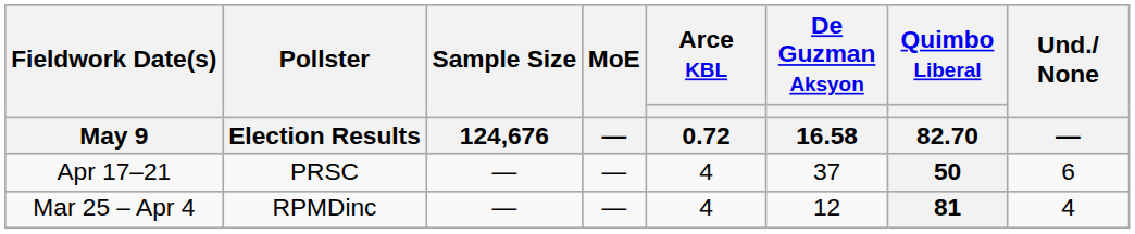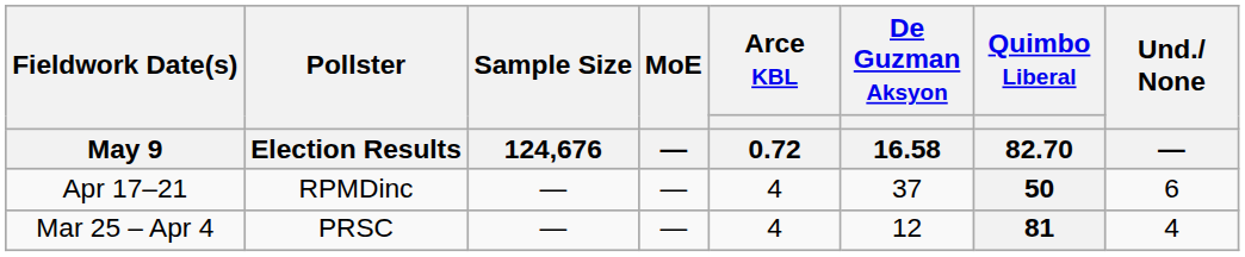 <table class="wikitable" style="text-align:center;font-size:85%;line-height:14px">
 <tr style="line-height:1.2">
 <th rowspan="2">Fieldwork Date(s)</th>
 <th rowspan="2">Pollster</th>
 <th rowspan="2">Sample Size</th>
 <th rowspan="2">MoE</th>
 <th style="width:60px;">Arce<br><small><a href='#'>KBL</a></small></th>
 <th style="width:60px;"><a href='#'>De Guzman</a><br><small><a href='#'>Aksyon</a></small></th>
 <th style="width:60px;"><a href='#'>Quimbo</a><br><a href='#'><small>Liberal</small></a></th>
 <th rowspan="2" style="width:60px;">Und./<br>None</th>
 </tr>
 <tr>
 <th style="background:"></th>
 <th style="background:"></th>
 <th style="background:"></th>
 </tr>
 <tr>
 <th>May 9</th>
 <th>Election Results</th>
 <th>124,676</th>
 <th>—</th>
 <th>0.72</th>
 <th>16.58</th>
 <th style="background-color:#">82.70</th>
 <th>—</th>
 </tr>
 <tr>
 <td>Apr 17–21</td>
-<td>PRSC</td>
+<td>RPMDinc</td>
 <td>—</td>
 <td>—</td>
 <td>4</td>
 <td>37</td>
 <th style="background-color:#">50</th>
 <td>6</td>
 </tr>
 <tr>
 <td>Mar 25 – Apr 4</td>
-<td>RPMDinc</td>
+<td>PRSC</td>
 <td>—</td>
 <td>—</td>
 <td>4</td>
 <td>12</td>
 <th style="background-color:#"><strong>81</strong></th>
 <td>4</td>
 </tr>
 </table>
